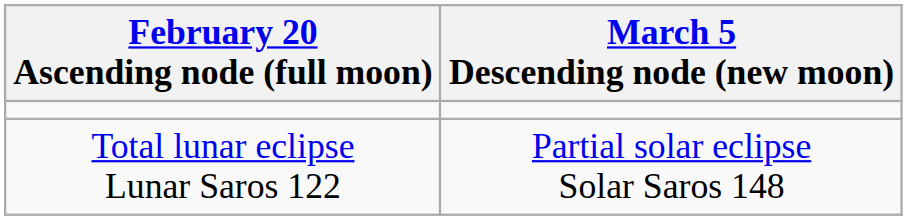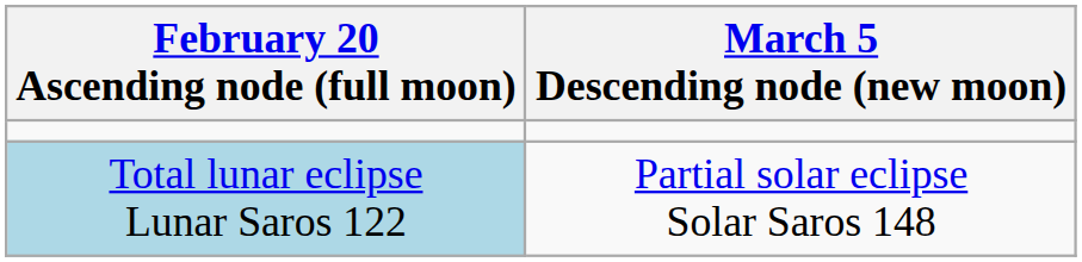 <table class="wikitable">
 <tr>
 <th><a href='#'>February 20</a><br>Ascending node (full moon)</th>
 <th><a href='#'>March 5</a><br>Descending node (new moon)</th>
 </tr>
 <tr>
 <td></td>
 <td></td>
 </tr>
 <tr align=center>
-<td><a href='#'>Total lunar eclipse</a><br>Lunar Saros 122</td>
+<td style="background: lightblue;"><a href='#'>Total lunar eclipse</a><br>Lunar Saros 122</td>
 <td><a href='#'>Partial solar eclipse</a><br>Solar Saros 148</td>
 </tr>
 </table>
